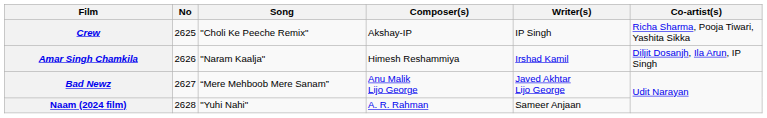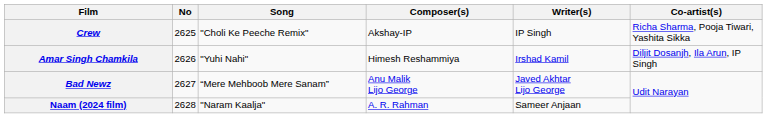 <table class="wikitable plainrowheaders" width="100%" textcolor:#000;">
 <tr style="background:#b0e0e66;">
 <th scope="col" width=23%><strong>Film</strong></th>
 <th><strong>No</strong></th>
 <th scope="col" width=23%><strong>Song</strong></th>
 <th scope="col" width=20%><strong>Composer(s)</strong></th>
 <th scope="col" width=16%><strong>Writer(s)</strong></th>
 <th scope="col" width=18%><strong>Co-artist(s)</strong></th>
 </tr>
 <tr>
 <th><em><a href='#'>Crew</a></em></th>
 <td>2625</td>
 <td>"Choli Ke Peeche Remix"</td>
 <td>Akshay-IP</td>
 <td>IP Singh</td>
 <td><a href='#'>Richa Sharma</a>, Pooja Tiwari, Yashita Sikka</td>
 </tr>
 <tr>
 <th><em><a href='#'>Amar Singh Chamkila</a></em></th>
 <td>2626</td>
-<td>"Naram Kaalja"</td>
+<td>"Yuhi Nahi"</td>
 <td>Himesh Reshammiya</td>
 <td><a href='#'>Irshad Kamil</a></td>
 <td><a href='#'>Diljit Dosanjh</a>, <a href='#'>Ila Arun</a>, IP Singh</td>
 </tr>
 <tr>
 <th><a href='#'><em>Bad Newz</em></a></th>
 <td>2627</td>
 <td>“Mere Mehboob Mere Sanam”</td>
 <td><a href='#'>Anu Malik</a><br><a href='#'>Lijo George</a></td>
 <td><a href='#'>Javed Akhtar</a><br><a href='#'>Lijo George</a></td>
 <td rowspan=2=><a href='#'>Udit Narayan</a></td>
 </tr>
 <tr>
 <th><a href='#'>Naam (2024 film)</a></th>
 <td>2628</td>
-<td>"Yuhi Nahi"</td>
+<td>"Naram Kaalja"</td>
 <td><a href='#'>A. R. Rahman</a></td>
 <td>Sameer Anjaan</td>
 </tr>
 </table>
